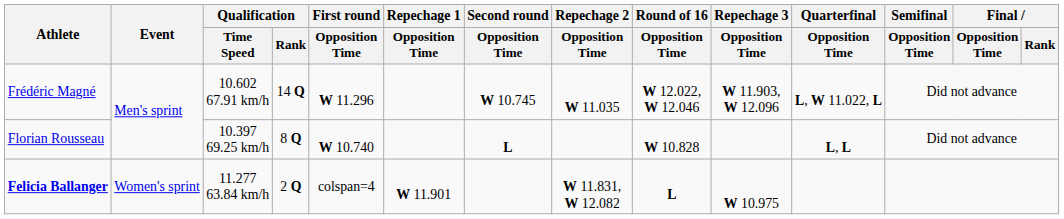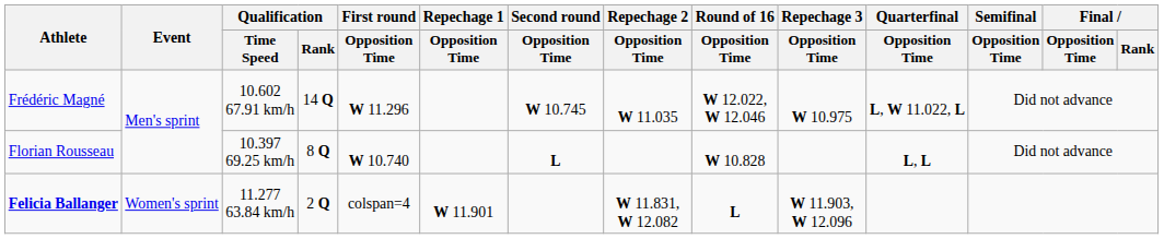 <table class=wikitable style=font-size:90%;text-align:center>
 <tr>
 <th rowspan=2>Athlete</th>
 <th rowspan=2>Event</th>
 <th colspan=2>Qualification</th>
 <th>First round</th>
 <th>Repechage 1</th>
 <th>Second round</th>
 <th>Repechage 2</th>
 <th>Round of 16</th>
 <th>Repechage 3</th>
 <th>Quarterfinal</th>
 <th>Semifinal</th>
 <th colspan=2>Final / </th>
 </tr>
 <tr style=font-size:95%>
 <th>Time<br>Speed</th>
 <th>Rank</th>
 <th>Opposition<br>Time</th>
 <th>Opposition<br>Time</th>
 <th>Opposition<br>Time</th>
 <th>Opposition<br>Time</th>
 <th>Opposition<br>Time</th>
 <th>Opposition<br>Time</th>
 <th>Opposition<br>Time</th>
 <th>Opposition<br>Time</th>
 <th>Opposition<br>Time</th>
 <th>Rank</th>
 </tr>
 <tr>
 <td align=left><a href='#'>Frédéric Magné</a></td>
 <td align=left rowspan=2><a href='#'>Men's sprint</a></td>
 <td>10.602<br>67.91 km/h</td>
 <td>14 <strong>Q</strong></td>
 <td><br><strong>W</strong> 11.296</td>
 <td></td>
 <td><br><strong>W</strong> 10.745</td>
 <td><br><br><strong>W</strong> 11.035</td>
 <td><br><strong>W</strong> 12.022,<br><strong>W</strong> 12.046</td>
-<td><br><strong>W</strong> 11.903,<br><strong>W</strong> 12.096</td>
+<td><br><br><strong>W</strong> 10.975</td>
 <td><br> <strong>L</strong>, <strong>W</strong> 11.022, <strong>L</strong></td>
 <td colspan=3>Did not advance</td>
 </tr>
 <tr>
 <td align=left><a href='#'>Florian Rousseau</a></td>
 <td>10.397<br>69.25 km/h</td>
 <td>8 <strong>Q</strong></td>
 <td><br><strong>W</strong> 10.740</td>
 <td></td>
 <td><br><strong>L</strong></td>
 <td></td>
 <td><br><strong>W</strong> 10.828</td>
 <td></td>
 <td><br> <strong>L</strong>,  <strong>L</strong></td>
 <td colspan=3>Did not advance</td>
 </tr>
 <tr>
 <td align=left><strong><a href='#'>Felicia Ballanger</a></strong></td>
 <td align=left><a href='#'>Women's sprint</a></td>
 <td>11.277<br>63.84 km/h</td>
 <td>2 <strong>Q</strong></td>
 <td>colspan=4 </td>
 <td><br><strong>W</strong> 11.901</td>
 <td></td>
 <td><br><strong>W</strong> 11.831,<br><strong>W</strong> 12.082</td>
 <td><br><strong>L</strong></td>
-<td><br><br><strong>W</strong> 10.975</td>
+<td><br><strong>W</strong> 11.903,<br><strong>W</strong> 12.096</td>
 <td></td>
 </tr>
 </table>
